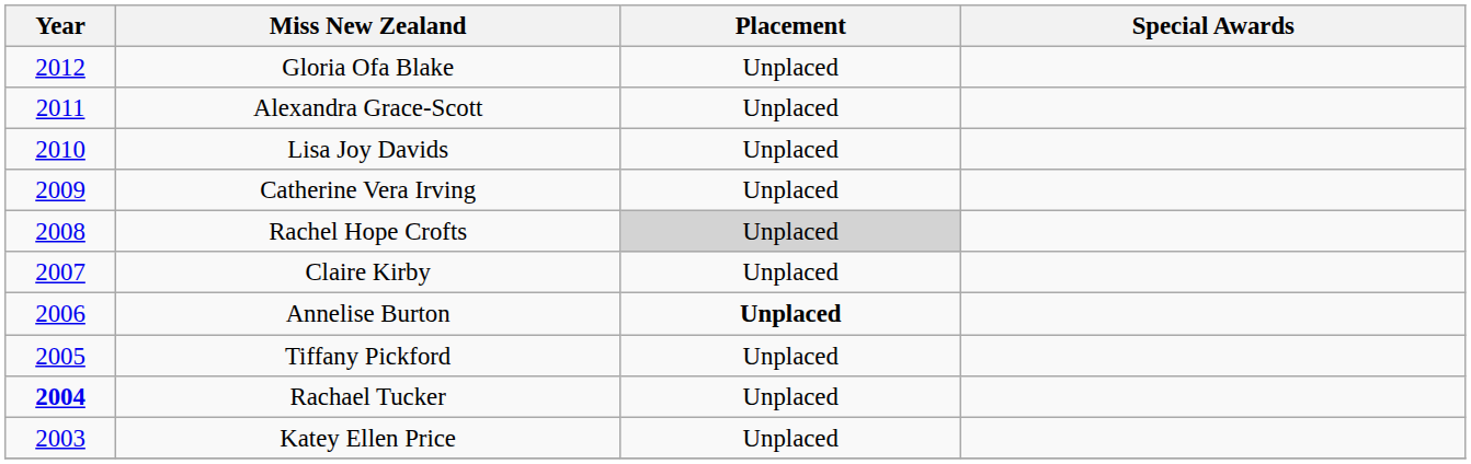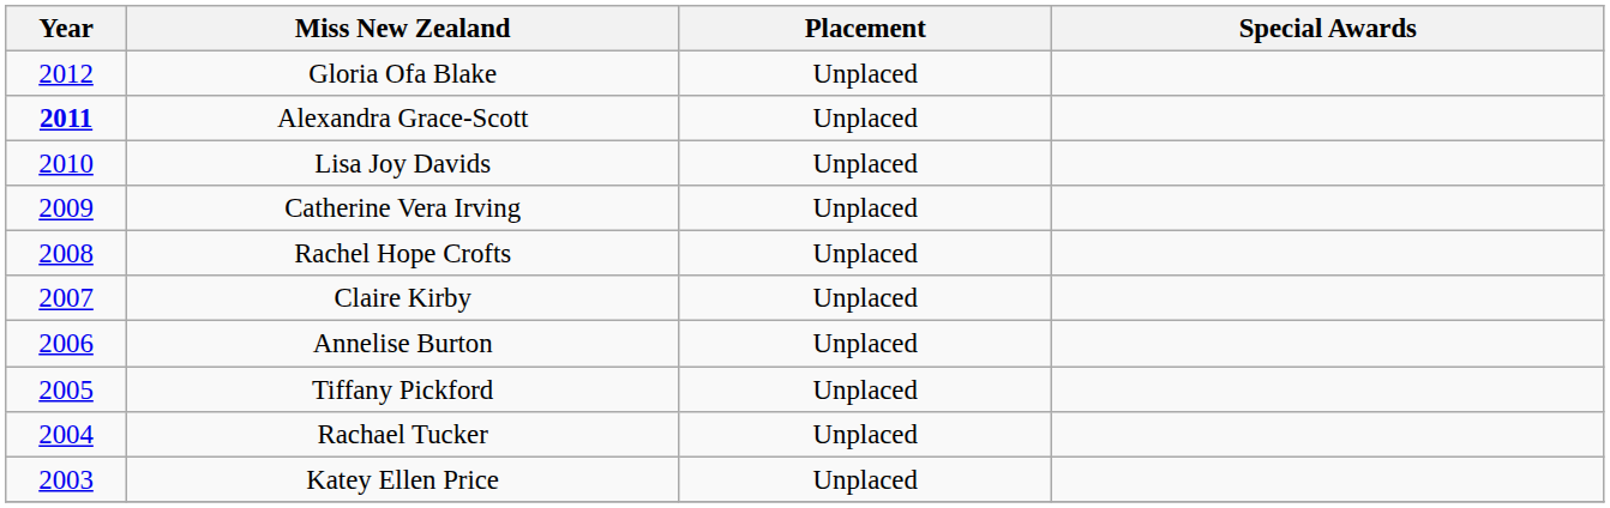 <table class="wikitable sortable" style="font-size: 95%; text-align:center;">
 <tr>
 <th width="60">Year</th>
 <th width="300">Miss New Zealand</th>
 <th width="200">Placement</th>
 <th width="300">Special Awards</th>
 </tr>
 <tr>
 <td><a href='#'>2012</a></td>
 <td>Gloria Ofa Blake</td>
 <td>Unplaced</td>
 <td></td>
 </tr>
 <tr>
-<td><a href='#'>2011</a></td>
+<td><strong><a href='#'>2011</a></strong></td>
 <td>Alexandra Grace-Scott</td>
 <td>Unplaced</td>
 <td></td>
 </tr>
 <tr>
 <td><a href='#'>2010</a></td>
 <td>Lisa Joy Davids</td>
 <td>Unplaced</td>
 <td></td>
 </tr>
 <tr>
 <td><a href='#'>2009</a></td>
 <td>Catherine Vera Irving</td>
 <td>Unplaced</td>
 <td></td>
 </tr>
 <tr>
 <td><a href='#'>2008</a></td>
 <td>Rachel Hope Crofts</td>
-<td style="background: lightgrey;">Unplaced</td>
+<td>Unplaced</td>
 <td></td>
 </tr>
 <tr>
 <td><a href='#'>2007</a></td>
 <td>Claire Kirby</td>
 <td>Unplaced</td>
 <td></td>
 </tr>
 <tr>
 <td><a href='#'>2006</a></td>
 <td>Annelise Burton</td>
-<td><strong>Unplaced</strong></td>
+<td>Unplaced</td>
 <td></td>
 </tr>
 <tr>
 <td><a href='#'>2005</a></td>
 <td>Tiffany Pickford</td>
 <td>Unplaced</td>
 <td></td>
 </tr>
 <tr>
-<td><strong><a href='#'>2004</a></strong></td>
+<td><a href='#'>2004</a></td>
 <td>Rachael Tucker</td>
 <td>Unplaced</td>
 <td></td>
 </tr>
 <tr>
 <td><a href='#'>2003</a></td>
 <td>Katey Ellen Price</td>
 <td>Unplaced</td>
 <td></td>
 </tr>
 <tr>
 </tr>
 </table>
